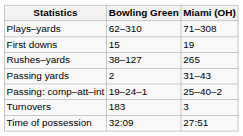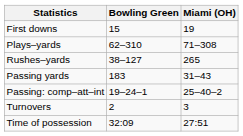 <table class="wikitable" style="float:left">
 <tr>
 <th>Statistics</th>
 <th>Bowling Green</th>
 <th>Miami (OH)</th>
 </tr>
 <tr>
+<td>First downs</td>
+<td>15</td>
+<td>19</td>
+</tr>
+<tr>
 <td>Plays–yards</td>
 <td>62–310</td>
 <td>71–308</td>
-</tr>
-<tr>
-<td>First downs</td>
-<td>15</td>
-<td>19</td>
 </tr>
 <tr>
 <td>Rushes–yards</td>
 <td>38–127</td>
 <td>265</td>
 </tr>
 <tr>
 <td>Passing yards</td>
-<td>2</td>
+<td>183</td>
 <td>31–43</td>
 </tr>
 <tr>
 <td>Passing: comp–att–int</td>
 <td>19–24–1</td>
 <td>25–40–2</td>
 </tr>
 <tr>
 <td>Turnovers</td>
-<td>183</td>
+<td>2</td>
 <td>3</td>
 </tr>
 <tr>
 <td>Time of possession</td>
 <td>32:09</td>
 <td>27:51</td>
 </tr>
 </table>
